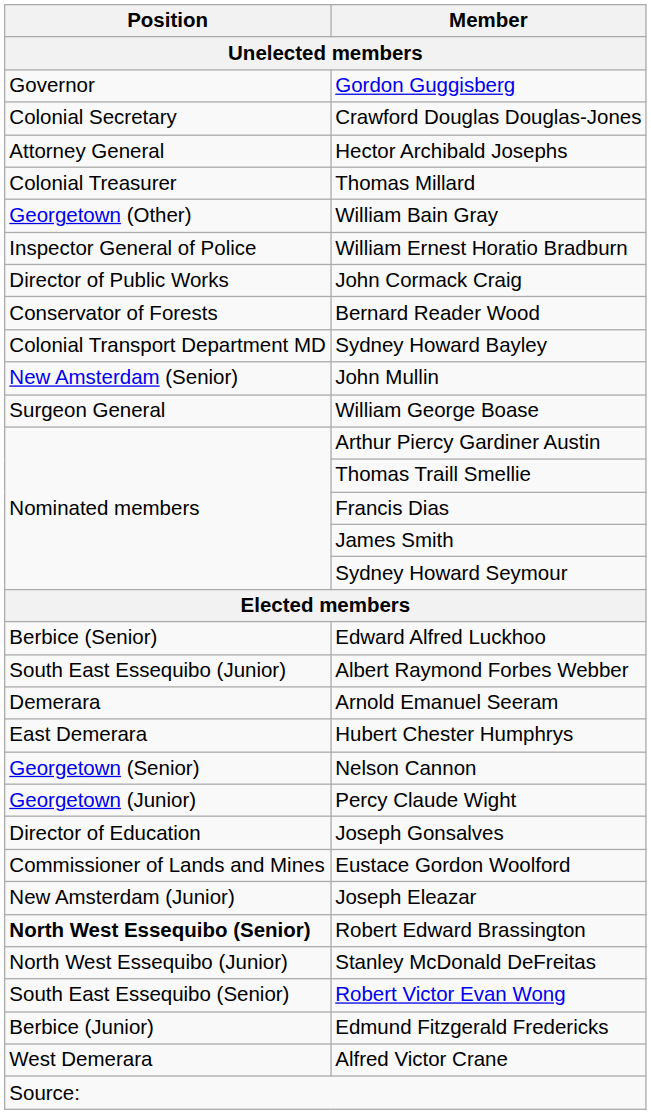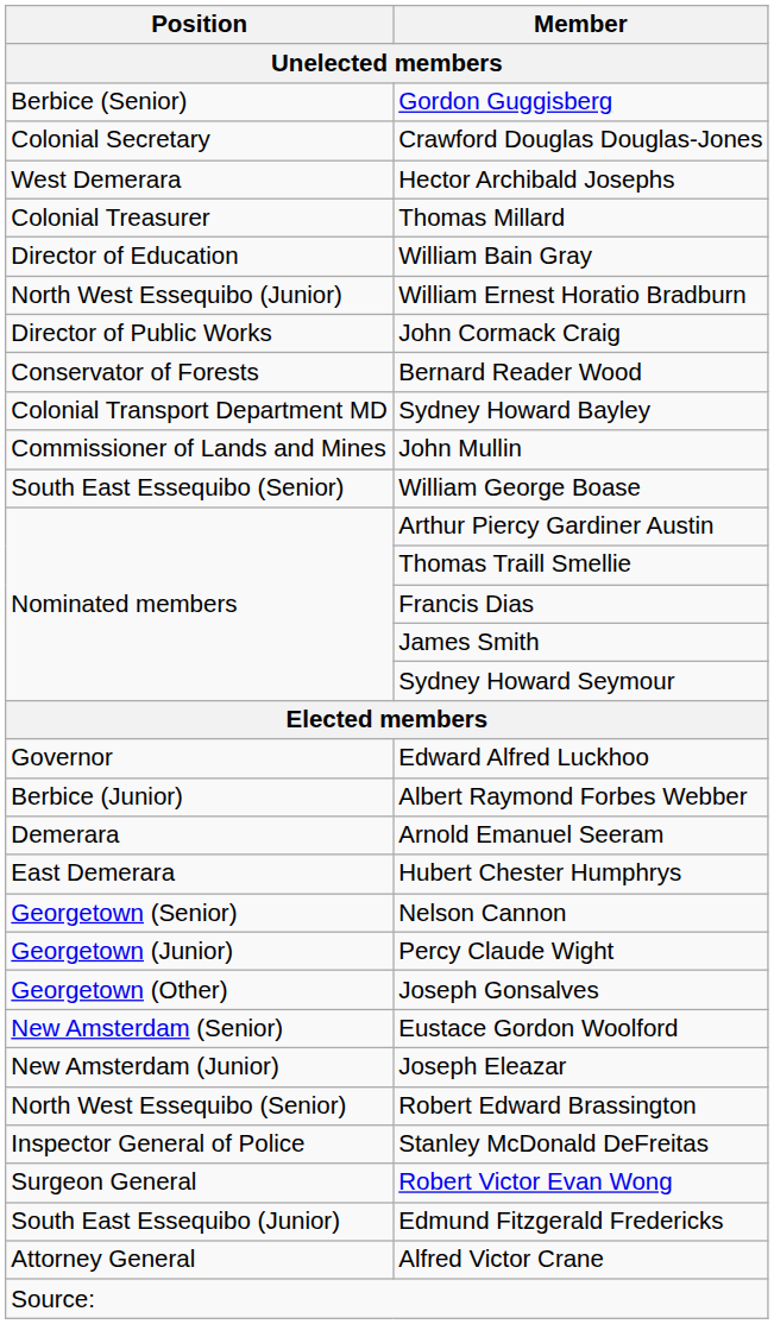 <table class=wikitable>
 <tr>
 <th>Position</th>
 <th>Member</th>
 </tr>
 <tr>
 <th colspan=7>Unelected members</th>
 </tr>
 <tr>
-<td>Governor</td>
+<td>Berbice (Senior)</td>
 <td><a href='#'>Gordon Guggisberg</a></td>
 </tr>
 <tr>
 <td>Colonial Secretary</td>
 <td>Crawford Douglas Douglas-Jones</td>
 </tr>
 <tr>
-<td>Attorney General</td>
+<td>West Demerara</td>
 <td>Hector Archibald Josephs</td>
 </tr>
 <tr>
 <td>Colonial Treasurer</td>
 <td>Thomas Millard</td>
 </tr>
 <tr>
-<td><a href='#'>Georgetown</a> (Other)</td>
+<td>Director of Education</td>
 <td>William Bain Gray</td>
 </tr>
 <tr>
-<td>Inspector General of Police</td>
+<td>North West Essequibo (Junior)</td>
 <td>William Ernest Horatio Bradburn</td>
 </tr>
 <tr>
 <td>Director of Public Works</td>
 <td>John Cormack Craig</td>
 </tr>
 <tr>
 <td>Conservator of Forests</td>
 <td>Bernard Reader Wood</td>
 </tr>
 <tr>
 <td>Colonial Transport Department MD</td>
 <td>Sydney Howard Bayley</td>
 </tr>
 <tr>
-<td><a href='#'>New Amsterdam</a> (Senior)</td>
+<td>Commissioner of Lands and Mines</td>
 <td>John Mullin</td>
 </tr>
 <tr>
-<td>Surgeon General</td>
+<td>South East Essequibo (Senior)</td>
 <td>William George Boase</td>
 </tr>
 <tr>
 <td rowspan=5>Nominated members</td>
 <td>Arthur Piercy Gardiner Austin</td>
 </tr>
 <tr>
 <td>Thomas Traill Smellie</td>
 </tr>
 <tr>
 <td>Francis Dias</td>
 </tr>
 <tr>
 <td>James Smith</td>
 </tr>
 <tr>
 <td>Sydney Howard Seymour</td>
 </tr>
 <tr>
 <th colspan=7>Elected members</th>
 </tr>
 <tr>
-<td>Berbice (Senior)</td>
+<td>Governor</td>
 <td>Edward Alfred Luckhoo</td>
 </tr>
 <tr>
-<td>South East Essequibo (Junior)</td>
+<td>Berbice (Junior)</td>
 <td>Albert Raymond Forbes Webber</td>
 </tr>
 <tr>
 <td>Demerara</td>
 <td>Arnold Emanuel Seeram</td>
 </tr>
 <tr>
 <td>East Demerara</td>
 <td>Hubert Chester Humphrys</td>
 </tr>
 <tr>
 <td><a href='#'>Georgetown</a> (Senior)</td>
 <td>Nelson Cannon</td>
 </tr>
 <tr>
 <td><a href='#'>Georgetown</a> (Junior)</td>
 <td>Percy Claude Wight</td>
 </tr>
 <tr>
-<td>Director of Education</td>
+<td><a href='#'>Georgetown</a> (Other)</td>
 <td>Joseph Gonsalves</td>
 </tr>
 <tr>
-<td>Commissioner of Lands and Mines</td>
+<td><a href='#'>New Amsterdam</a> (Senior)</td>
 <td>Eustace Gordon Woolford</td>
 </tr>
 <tr>
 <td>New Amsterdam (Junior)</td>
 <td>Joseph Eleazar</td>
 </tr>
 <tr>
-<td><strong>North West Essequibo (Senior)</strong></td>
+<td>North West Essequibo (Senior)</td>
 <td>Robert Edward Brassington</td>
 </tr>
 <tr>
-<td>North West Essequibo (Junior)</td>
+<td>Inspector General of Police</td>
 <td>Stanley McDonald DeFreitas</td>
 </tr>
 <tr>
-<td>South East Essequibo (Senior)</td>
+<td>Surgeon General</td>
 <td><a href='#'>Robert Victor Evan Wong</a></td>
 </tr>
 <tr>
-<td>Berbice (Junior)</td>
+<td>South East Essequibo (Junior)</td>
 <td>Edmund Fitzgerald Fredericks</td>
 </tr>
 <tr>
-<td>West Demerara</td>
+<td>Attorney General</td>
 <td>Alfred Victor Crane</td>
 </tr>
 <tr>
 <td align=left colspan=7>Source: </td>
 </tr>
 </table>
